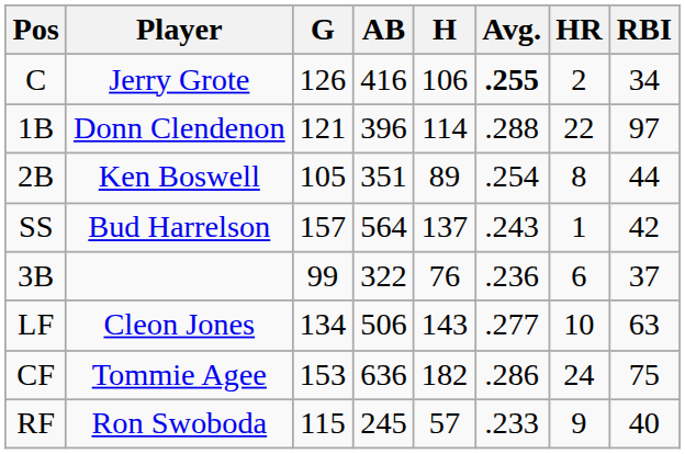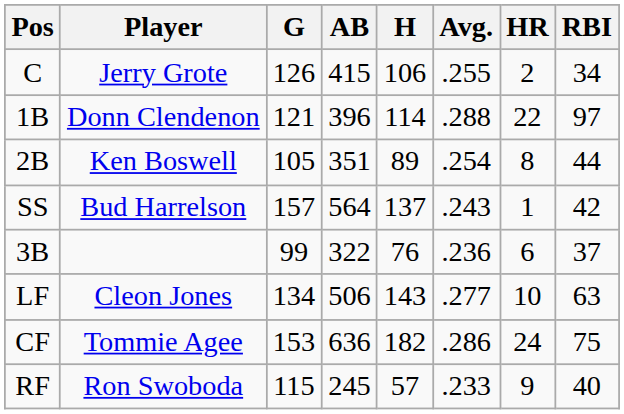 <table class="wikitable sortable">
 <tr>
 <th>Pos</th>
 <th>Player</th>
 <th>G</th>
 <th>AB</th>
 <th>H</th>
 <th>Avg.</th>
 <th>HR</th>
 <th>RBI</th>
 </tr>
 <tr align="center">
 <td>C</td>
 <td><a href='#'>Jerry Grote</a></td>
 <td>126</td>
-<td>416</td>
+<td>415</td>
 <td>106</td>
-<td><strong>.255</strong></td>
+<td>.255</td>
 <td>2</td>
 <td>34</td>
 </tr>
 <tr align="center">
 <td>1B</td>
 <td><a href='#'>Donn Clendenon</a></td>
 <td>121</td>
 <td>396</td>
 <td>114</td>
 <td>.288</td>
 <td>22</td>
 <td>97</td>
 </tr>
 <tr align="center">
 <td>2B</td>
 <td><a href='#'>Ken Boswell</a></td>
 <td>105</td>
 <td>351</td>
 <td>89</td>
 <td>.254</td>
 <td>8</td>
 <td>44</td>
 </tr>
 <tr align="center">
 <td>SS</td>
 <td><a href='#'>Bud Harrelson</a></td>
 <td>157</td>
 <td>564</td>
 <td>137</td>
 <td>.243</td>
 <td>1</td>
 <td>42</td>
 </tr>
 <tr align="center">
 <td>3B</td>
 <td></td>
 <td>99</td>
 <td>322</td>
 <td>76</td>
 <td>.236</td>
 <td>6</td>
 <td>37</td>
 </tr>
 <tr align="center">
 <td>LF</td>
 <td><a href='#'>Cleon Jones</a></td>
 <td>134</td>
 <td>506</td>
 <td>143</td>
 <td>.277</td>
 <td>10</td>
 <td>63</td>
 </tr>
 <tr align="center">
 <td>CF</td>
 <td><a href='#'>Tommie Agee</a></td>
 <td>153</td>
 <td>636</td>
 <td>182</td>
 <td>.286</td>
 <td>24</td>
 <td>75</td>
 </tr>
 <tr align="center">
 <td>RF</td>
 <td><a href='#'>Ron Swoboda</a></td>
 <td>115</td>
 <td>245</td>
 <td>57</td>
 <td>.233</td>
 <td>9</td>
 <td>40</td>
 </tr>
 </table>
